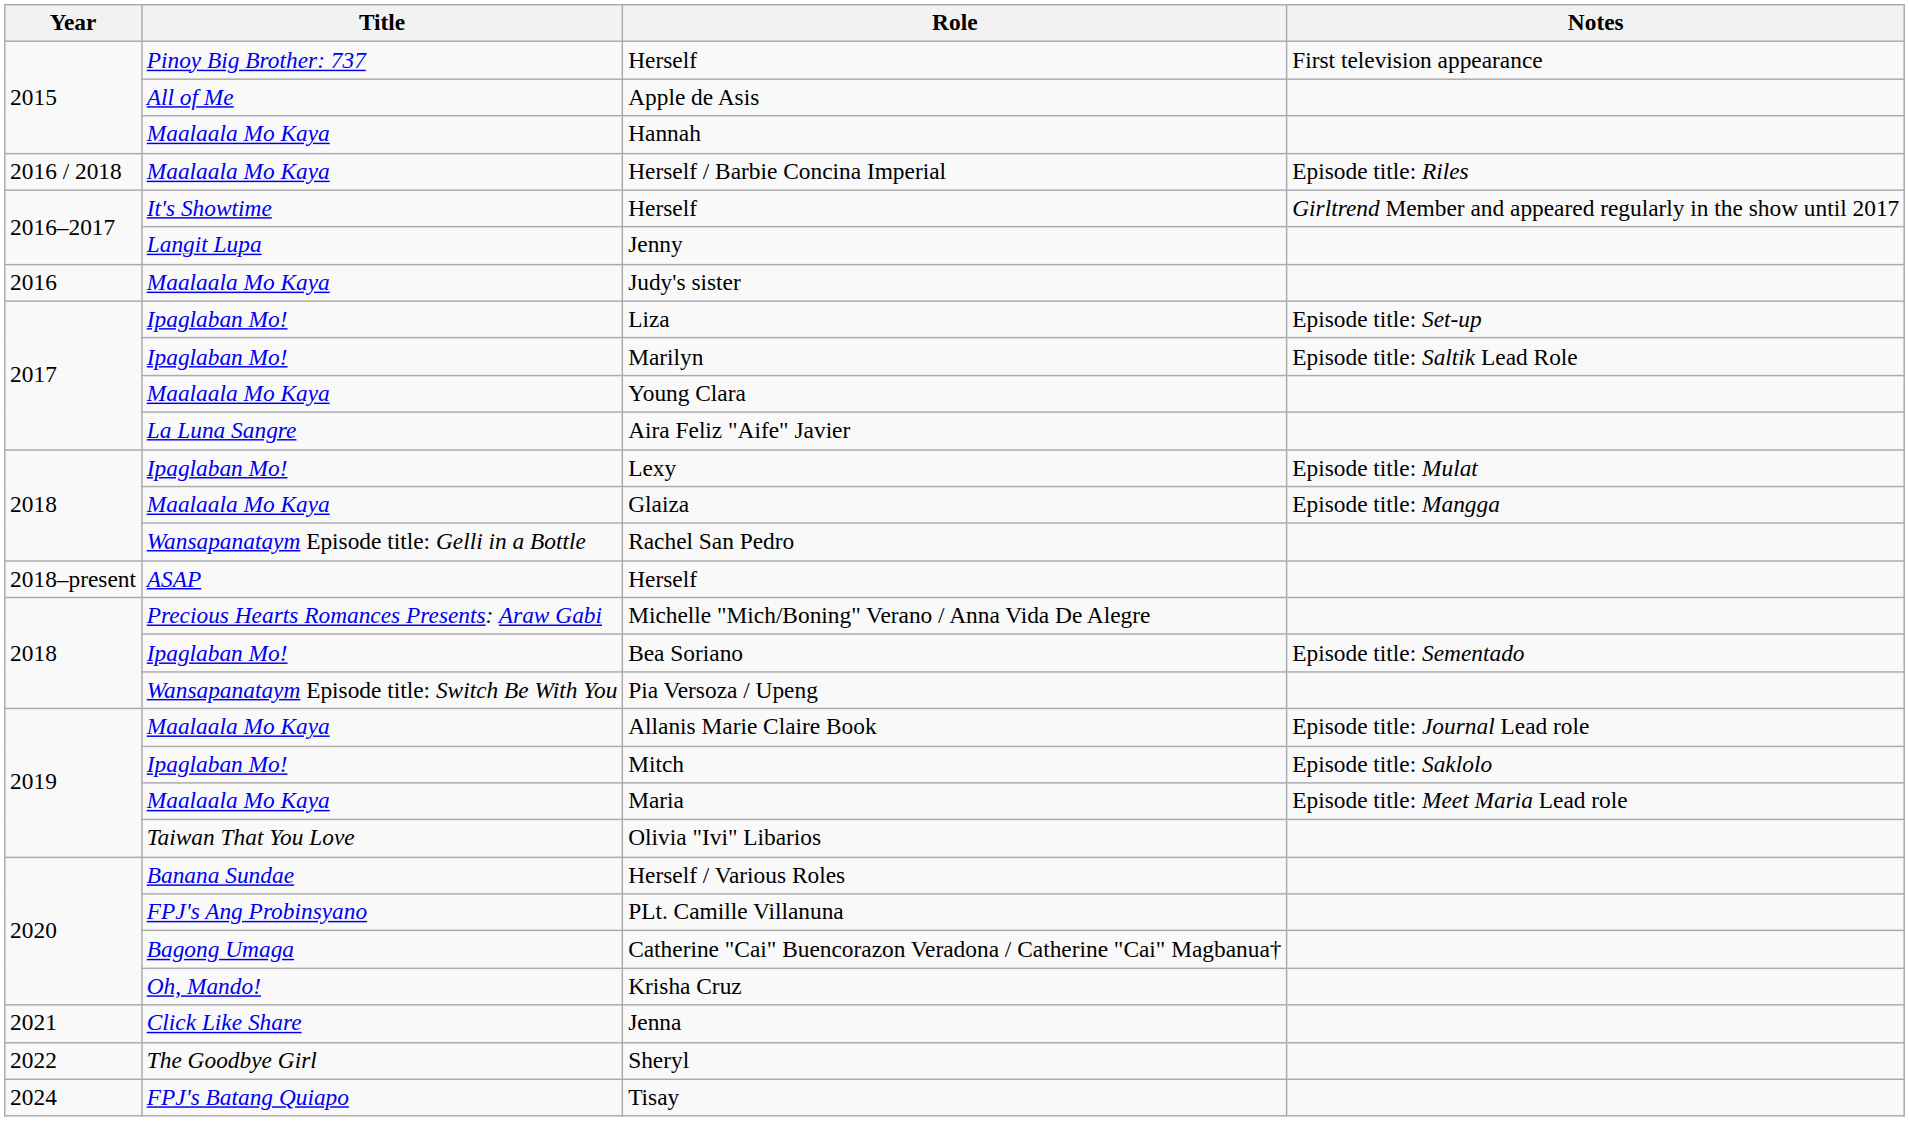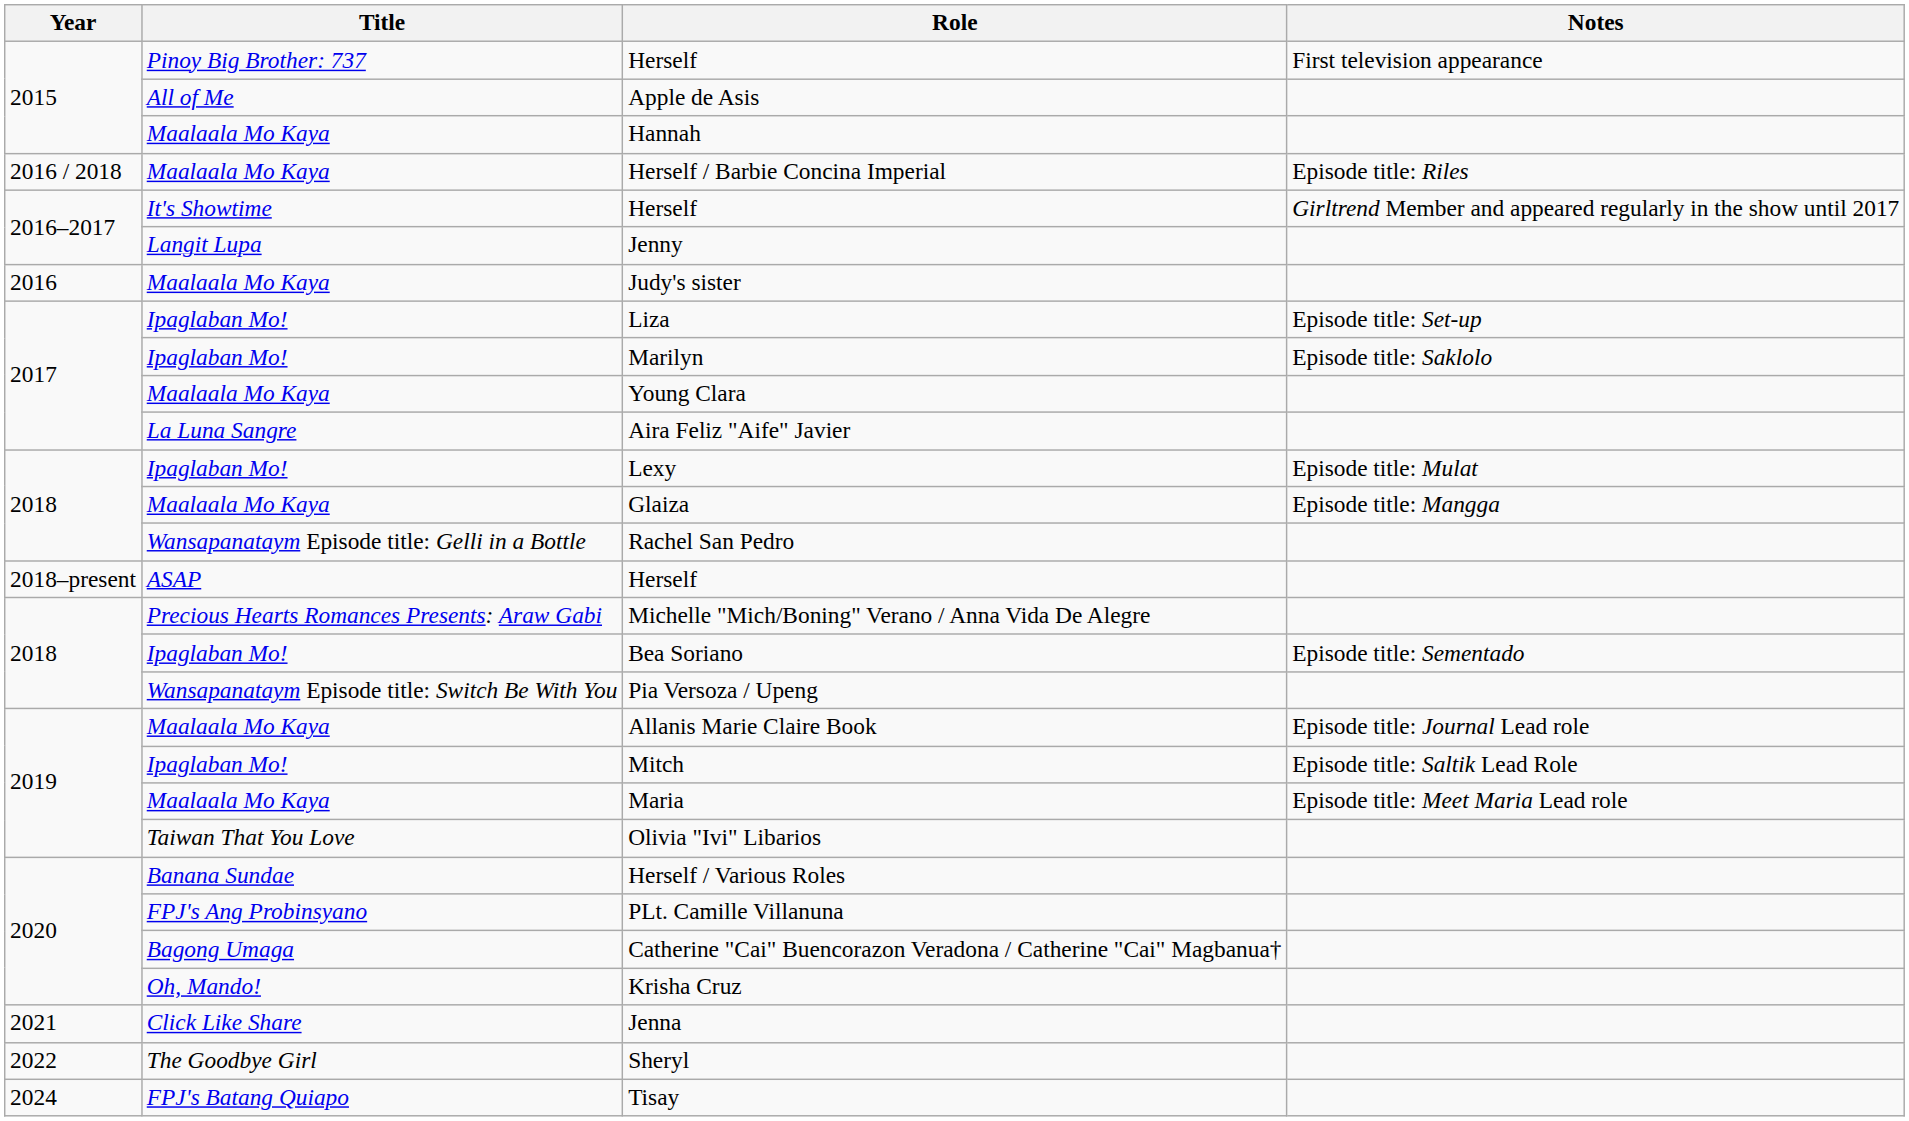 <table class="wikitable sortable">
 <tr>
 <th>Year</th>
 <th>Title</th>
 <th>Role</th>
 <th>Notes</th>
 </tr>
 <tr>
 <td rowspan="3">2015</td>
 <td><em><a href='#'>Pinoy Big Brother: 737</a></em></td>
 <td>Herself</td>
 <td>First television appearance</td>
 </tr>
 <tr>
 <td><em><a href='#'>All of Me</a></em></td>
 <td>Apple de Asis</td>
 <td></td>
 </tr>
 <tr>
 <td><em><a href='#'>Maalaala Mo Kaya</a></em></td>
 <td>Hannah</td>
 <td></td>
 </tr>
 <tr>
 <td>2016 / 2018</td>
 <td><em><a href='#'>Maalaala Mo Kaya</a></em></td>
 <td>Herself / Barbie Concina Imperial</td>
 <td>Episode title: <em>Riles</em></td>
 </tr>
 <tr>
 <td rowspan="2">2016–2017</td>
 <td><em><a href='#'>It's Showtime</a></em></td>
 <td>Herself</td>
 <td><em>Girltrend</em> Member and appeared regularly in the show until 2017</td>
 </tr>
 <tr>
 <td><em><a href='#'>Langit Lupa</a></em></td>
 <td>Jenny</td>
 <td></td>
 </tr>
 <tr>
 <td>2016</td>
 <td><em><a href='#'>Maalaala Mo Kaya</a></em></td>
 <td>Judy's sister</td>
 <td></td>
 </tr>
 <tr>
 <td rowspan="4">2017</td>
 <td><em><a href='#'>Ipaglaban Mo!</a></em></td>
 <td>Liza</td>
 <td>Episode title: <em>Set-up</em></td>
 </tr>
 <tr>
 <td><em><a href='#'>Ipaglaban Mo!</a></em></td>
 <td>Marilyn</td>
-<td>Episode title: <em>Saltik</em> Lead Role</td>
+<td>Episode title: <em>Saklolo</em></td>
 </tr>
 <tr>
 <td><em><a href='#'>Maalaala Mo Kaya</a></em></td>
 <td>Young Clara</td>
 <td></td>
 </tr>
 <tr>
 <td><em><a href='#'>La Luna Sangre</a></em></td>
 <td>Aira Feliz "Aife" Javier</td>
 <td></td>
 </tr>
 <tr>
 <td rowspan="3">2018</td>
 <td><em><a href='#'>Ipaglaban Mo!</a></em></td>
 <td>Lexy</td>
 <td>Episode title: <em>Mulat</em></td>
 </tr>
 <tr>
 <td><em><a href='#'>Maalaala Mo Kaya</a></em></td>
 <td>Glaiza</td>
 <td>Episode title: <em>Mangga</em></td>
 </tr>
 <tr>
 <td><em><a href='#'>Wansapanataym</a></em> Episode title: <em>Gelli in a Bottle</em></td>
 <td>Rachel San Pedro</td>
 <td></td>
 </tr>
 <tr>
 <td>2018–present</td>
 <td><em><a href='#'>ASAP</a></em></td>
 <td>Herself</td>
 <td></td>
 </tr>
 <tr>
 <td rowspan="3">2018</td>
 <td><em><a href='#'>Precious Hearts Romances Presents</a>: <a href='#'>Araw Gabi</a></em></td>
 <td>Michelle "Mich/Boning" Verano / Anna Vida De Alegre</td>
 <td></td>
 </tr>
 <tr>
 <td><em><a href='#'>Ipaglaban Mo!</a></em></td>
 <td>Bea Soriano</td>
 <td>Episode title: <em>Sementado</em></td>
 </tr>
 <tr>
 <td><em><a href='#'>Wansapanataym</a></em> Episode title: <em>Switch Be With You</em></td>
 <td>Pia Versoza / Upeng</td>
 <td></td>
 </tr>
 <tr>
 <td rowspan="4">2019</td>
 <td><em><a href='#'>Maalaala Mo Kaya</a></em></td>
 <td>Allanis Marie Claire Book</td>
 <td>Episode title: <em>Journal</em> Lead role</td>
 </tr>
 <tr>
 <td><em><a href='#'>Ipaglaban Mo!</a></em></td>
 <td>Mitch</td>
-<td>Episode title: <em>Saklolo</em></td>
+<td>Episode title: <em>Saltik</em> Lead Role</td>
 </tr>
 <tr>
 <td><em><a href='#'>Maalaala Mo Kaya</a></em></td>
 <td>Maria</td>
 <td>Episode title: <em>Meet Maria</em> Lead role</td>
 </tr>
 <tr>
 <td><em>Taiwan That You Love</em></td>
 <td>Olivia "Ivi" Libarios</td>
 <td></td>
 </tr>
 <tr>
 <td rowspan="4">2020</td>
 <td><em><a href='#'>Banana Sundae</a></em></td>
 <td>Herself / Various Roles</td>
 <td></td>
 </tr>
 <tr>
 <td><em><a href='#'>FPJ's Ang Probinsyano</a></em></td>
 <td>PLt. Camille Villanuna</td>
 <td></td>
 </tr>
 <tr>
 <td><em><a href='#'>Bagong Umaga</a></em></td>
 <td>Catherine "Cai" Buencorazon Veradona / Catherine "Cai" Magbanua†</td>
 <td></td>
 </tr>
 <tr>
 <td><em><a href='#'>Oh, Mando!</a></em></td>
 <td>Krisha Cruz</td>
 <td></td>
 </tr>
 <tr>
 <td>2021</td>
 <td><em><a href='#'>Click Like Share</a></em></td>
 <td>Jenna</td>
 <td></td>
 </tr>
 <tr>
 <td>2022</td>
 <td><em>The Goodbye Girl</em></td>
 <td>Sheryl</td>
 <td></td>
 </tr>
 <tr>
 <td>2024</td>
 <td><em><a href='#'>FPJ's Batang Quiapo</a></em></td>
 <td>Tisay</td>
 </tr>
 </table>
